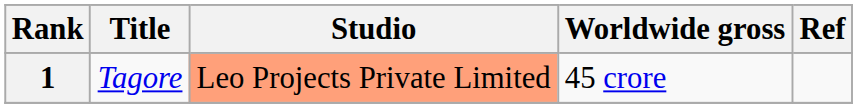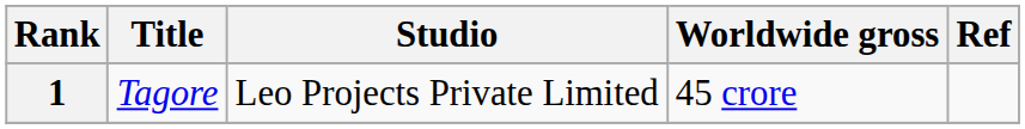 <table class="wikitable sortable"  style="margin:auto; margin:auto;">
 <tr>
 <th>Rank</th>
 <th>Title</th>
 <th>Studio</th>
 <th>Worldwide gross</th>
 <th>Ref</th>
 </tr>
 <tr>
 <th style="text-align:center;">1</th>
 <td><em><a href='#'>Tagore</a></em></td>
-<td style="background: lightsalmon;">Leo Projects Private Limited</td>
+<td>Leo Projects Private Limited</td>
 <td>45 <a href='#'>crore</a></td>
 <td></td>
 </tr>
 <tr>
 </tr>
 </table>
